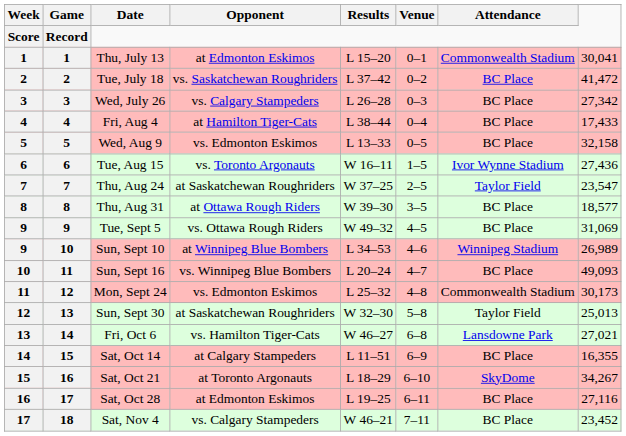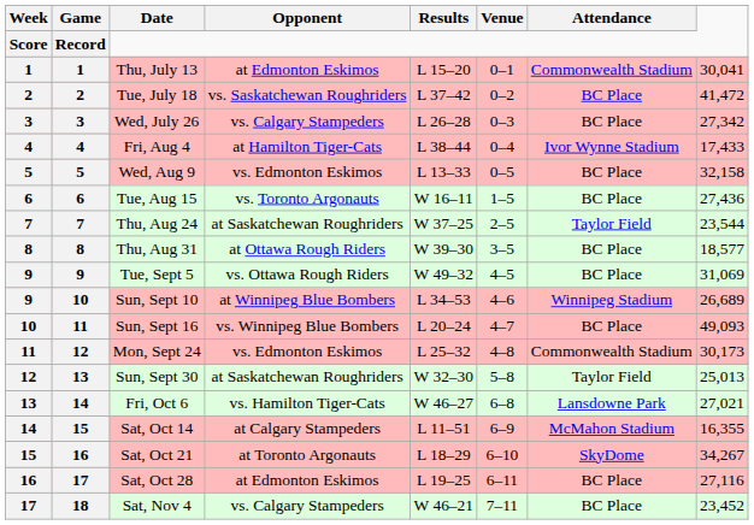 <table class="wikitable" style="text-align:center">
 <tr>
 <th>Week</th>
 <th>Game</th>
 <th>Date</th>
 <th>Opponent</th>
 <th>Results</th>
 <th>Venue</th>
 <th>Attendance</th>
 </tr>
 <tr>
 <th>Score</th>
 <th>Record</th>
 </tr>
 <tr style="background:#ffbbbb">
 <th>1</th>
 <th>1</th>
 <td>Thu, July 13</td>
 <td>at <a href='#'>Edmonton Eskimos</a></td>
 <td>L 15–20</td>
 <td>0–1</td>
 <td><a href='#'>Commonwealth Stadium</a></td>
 <td>30,041</td>
 </tr>
 <tr style="background:#ffbbbb">
 <th>2</th>
 <th>2</th>
 <td>Tue, July 18</td>
 <td>vs. <a href='#'>Saskatchewan Roughriders</a></td>
 <td>L 37–42</td>
 <td>0–2</td>
 <td><a href='#'>BC Place</a></td>
 <td>41,472</td>
 </tr>
 <tr style="background:#ffbbbb">
 <th>3</th>
 <th>3</th>
 <td>Wed, July 26</td>
 <td>vs. <a href='#'>Calgary Stampeders</a></td>
 <td>L 26–28</td>
 <td>0–3</td>
 <td>BC Place</td>
 <td>27,342</td>
 </tr>
 <tr style="background:#ffbbbb">
 <th>4</th>
 <th>4</th>
 <td>Fri, Aug 4</td>
 <td>at <a href='#'>Hamilton Tiger-Cats</a></td>
 <td>L 38–44</td>
 <td>0–4</td>
-<td>BC Place</td>
+<td><a href='#'>Ivor Wynne Stadium</a></td>
 <td>17,433</td>
 </tr>
 <tr style="background:#ffbbbb">
 <th>5</th>
 <th>5</th>
 <td>Wed, Aug 9</td>
 <td>vs. Edmonton Eskimos</td>
 <td>L 13–33</td>
 <td>0–5</td>
 <td>BC Place</td>
 <td>32,158</td>
 </tr>
 <tr style="background:#ddffdd">
 <th>6</th>
 <th>6</th>
 <td>Tue, Aug 15</td>
 <td>vs. <a href='#'>Toronto Argonauts</a></td>
 <td>W 16–11</td>
 <td>1–5</td>
-<td><a href='#'>Ivor Wynne Stadium</a></td>
+<td>BC Place</td>
 <td>27,436</td>
 </tr>
 <tr style="background:#ddffdd">
 <th>7</th>
 <th>7</th>
 <td>Thu, Aug 24</td>
 <td>at Saskatchewan Roughriders</td>
 <td>W 37–25</td>
 <td>2–5</td>
 <td><a href='#'>Taylor Field</a></td>
-<td>23,547</td>
+<td>23,544</td>
 </tr>
 <tr style="background:#ddffdd">
 <th>8</th>
 <th>8</th>
 <td>Thu, Aug 31</td>
 <td>at <a href='#'>Ottawa Rough Riders</a></td>
 <td>W 39–30</td>
 <td>3–5</td>
 <td>BC Place</td>
 <td>18,577</td>
 </tr>
 <tr style="background:#ddffdd">
 <th>9</th>
 <th>9</th>
 <td>Tue, Sept 5</td>
 <td>vs. Ottawa Rough Riders</td>
 <td>W 49–32</td>
 <td>4–5</td>
 <td>BC Place</td>
 <td>31,069</td>
 </tr>
 <tr style="background:#ffbbbb">
 <th>9</th>
 <th>10</th>
 <td>Sun, Sept 10</td>
 <td>at <a href='#'>Winnipeg Blue Bombers</a></td>
 <td>L 34–53</td>
 <td>4–6</td>
 <td><a href='#'>Winnipeg Stadium</a></td>
-<td>26,989</td>
+<td>26,689</td>
 </tr>
 <tr style="background:#ffbbbb">
 <th>10</th>
 <th>11</th>
 <td>Sun, Sept 16</td>
 <td>vs. Winnipeg Blue Bombers</td>
 <td>L 20–24</td>
 <td>4–7</td>
 <td>BC Place</td>
 <td>49,093</td>
 </tr>
 <tr style="background:#ffbbbb">
 <th>11</th>
 <th>12</th>
 <td>Mon, Sept 24</td>
 <td>vs. Edmonton Eskimos</td>
 <td>L 25–32</td>
 <td>4–8</td>
 <td>Commonwealth Stadium</td>
 <td>30,173</td>
 </tr>
 <tr style="background:#ddffdd">
 <th>12</th>
 <th>13</th>
 <td>Sun, Sept 30</td>
 <td>at Saskatchewan Roughriders</td>
 <td>W 32–30</td>
 <td>5–8</td>
 <td>Taylor Field</td>
 <td>25,013</td>
 </tr>
 <tr style="background:#ddffdd">
 <th>13</th>
 <th>14</th>
 <td>Fri, Oct 6</td>
 <td>vs. Hamilton Tiger-Cats</td>
 <td>W 46–27</td>
 <td>6–8</td>
 <td><a href='#'>Lansdowne Park</a></td>
 <td>27,021</td>
 </tr>
 <tr style="background:#ffbbbb">
 <th>14</th>
 <th>15</th>
 <td>Sat, Oct 14</td>
 <td>at Calgary Stampeders</td>
 <td>L 11–51</td>
 <td>6–9</td>
-<td>BC Place</td>
+<td><a href='#'>McMahon Stadium</a></td>
 <td>16,355</td>
 </tr>
 <tr style="background:#ffbbbb">
 <th>15</th>
 <th>16</th>
 <td>Sat, Oct 21</td>
 <td>at Toronto Argonauts</td>
 <td>L 18–29</td>
 <td>6–10</td>
 <td><a href='#'>SkyDome</a></td>
 <td>34,267</td>
 </tr>
 <tr style="background:#ffbbbb">
 <th>16</th>
 <th>17</th>
 <td>Sat, Oct 28</td>
 <td>at Edmonton Eskimos</td>
 <td>L 19–25</td>
 <td>6–11</td>
 <td>BC Place</td>
 <td>27,116</td>
 </tr>
 <tr style="background:#ddffdd">
 <th>17</th>
 <th>18</th>
 <td>Sat, Nov 4</td>
 <td>vs. Calgary Stampeders</td>
 <td>W 46–21</td>
 <td>7–11</td>
 <td>BC Place</td>
 <td>23,452</td>
 </tr>
 </table>
